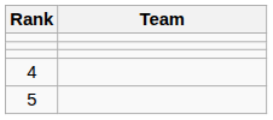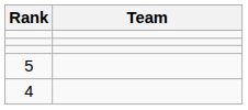 <table class="wikitable" style="text-align:center;">
 <tr>
 <th width=40>Rank</th>
 <th width=180>Team</th>
 </tr>
 <tr>
 <td></td>
 <td align=left></td>
 </tr>
 <tr>
 <td></td>
 <td align=left></td>
 </tr>
 <tr>
 <td></td>
 <td align=left></td>
 </tr>
 <tr>
+<td>5</td>
+<td align=left></td>
+</tr>
+<tr>
 <td>4</td>
 <td align=left></td>
 </tr>
-<tr>
-<td>5</td>
-<td align=left></td>
-</tr>
 </table>
